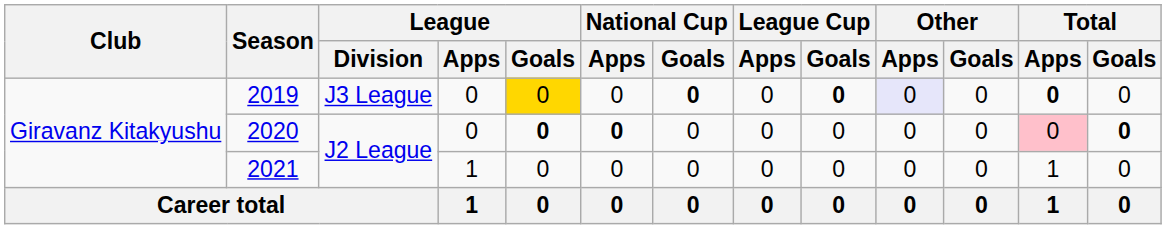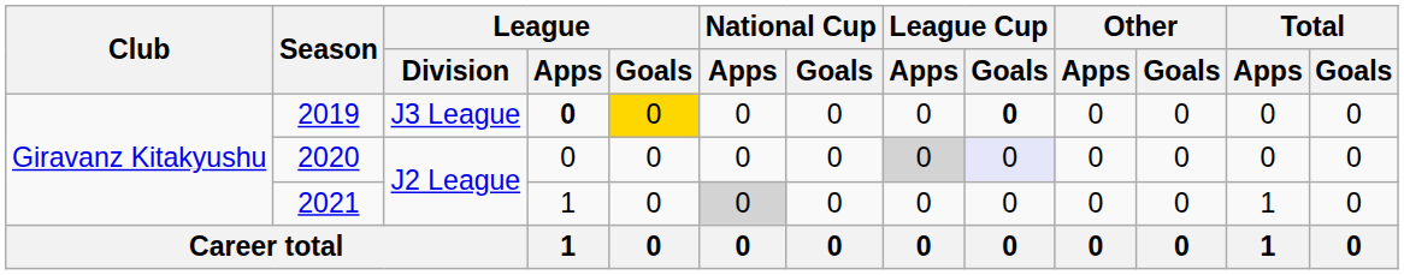 <table class="wikitable" style="text-align:center">
 <tr>
 <th rowspan="2">Club</th>
 <th rowspan="2">Season</th>
 <th colspan="3">League</th>
 <th colspan="2">National Cup</th>
 <th colspan="2">League Cup</th>
 <th colspan="2">Other</th>
 <th colspan="2">Total</th>
 </tr>
 <tr>
 <th>Division</th>
 <th>Apps</th>
 <th>Goals</th>
 <th>Apps</th>
 <th>Goals</th>
 <th>Apps</th>
 <th>Goals</th>
 <th>Apps</th>
 <th>Goals</th>
 <th>Apps</th>
 <th>Goals</th>
 </tr>
 <tr>
 <td rowspan="3"><a href='#'>Giravanz Kitakyushu</a></td>
 <td><a href='#'>2019</a></td>
 <td><a href='#'>J3 League</a></td>
+<td><strong>0</strong></td>
+<td style="background: gold;">0</td>
 <td>0</td>
-<td style="background: gold;">0</td>
+<td>0</td>
 <td>0</td>
 <td><strong>0</strong></td>
 <td>0</td>
-<td><strong>0</strong></td>
-<td style="background: lavender;">0</td>
 <td>0</td>
-<td><strong>0</strong></td>
+<td>0</td>
 <td>0</td>
 </tr>
 <tr>
 <td><a href='#'>2020</a></td>
 <td rowspan="2"><a href='#'>J2 League</a></td>
 <td>0</td>
-<td><strong>0</strong></td>
-<td><strong>0</strong></td>
+<td>0</td>
+<td>0</td>
+<td>0</td>
+<td style="background: lightgrey;">0</td>
+<td style="background: lavender;">0</td>
 <td>0</td>
 <td>0</td>
 <td>0</td>
 <td>0</td>
-<td>0</td>
-<td style="background: pink;">0</td>
-<td><strong>0</strong></td>
 </tr>
 <tr>
 <td><a href='#'>2021</a></td>
 <td>1</td>
 <td>0</td>
-<td>0</td>
+<td style="background: lightgrey;">0</td>
 <td>0</td>
 <td>0</td>
 <td>0</td>
 <td>0</td>
 <td>0</td>
 <td>1</td>
 <td>0</td>
 </tr>
 <tr>
 <th colspan=3>Career total</th>
 <th>1</th>
 <th>0</th>
 <th>0</th>
 <th>0</th>
 <th>0</th>
 <th>0</th>
 <th>0</th>
 <th>0</th>
 <th>1</th>
 <th>0</th>
 </tr>
 </table>
